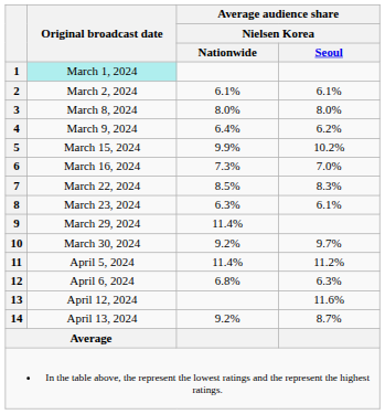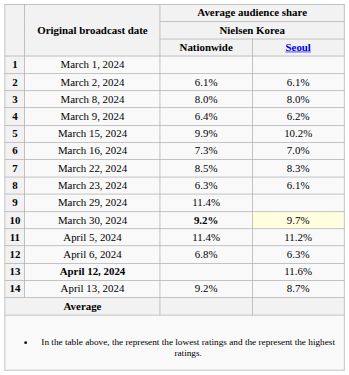 <table class="wikitable" style="margin-left:auto; margin-right:auto; width:500px; text-align:center">
 <tr>
 <th scope="col" rowspan="3"></th>
 <th scope="col" rowspan="3">Original broadcast date</th>
 <th scope="col" colspan="2">Average audience share</th>
 </tr>
 <tr>
 <th scope="col" colspan="2">Nielsen Korea</th>
 </tr>
 <tr>
 <th scope="col" style="width:8em">Nationwide</th>
 <th scope="col" style="width:8em"><a href='#'>Seoul</a></th>
 </tr>
 <tr>
 <th scope="col">1</th>
-<td style="background: paleturquoise;">March 1, 2024</td>
+<td>March 1, 2024</td>
 <td><strong></strong> </td>
 <td><strong></strong> </td>
 </tr>
 <tr>
 <th scope="col">2</th>
 <td>March 2, 2024</td>
 <td>6.1% </td>
 <td>6.1% </td>
 </tr>
 <tr>
 <th scope="col">3</th>
 <td>March 8, 2024</td>
 <td>8.0% </td>
 <td>8.0% </td>
 </tr>
 <tr>
 <th scope="col">4</th>
 <td>March 9, 2024</td>
 <td>6.4% </td>
 <td>6.2% </td>
 </tr>
 <tr>
 <th scope="col">5</th>
 <td>March 15, 2024</td>
 <td>9.9% </td>
 <td>10.2% </td>
 </tr>
 <tr>
 <th scope="col">6</th>
 <td>March 16, 2024</td>
 <td>7.3% </td>
 <td>7.0% </td>
 </tr>
 <tr>
 <th scope="col">7</th>
 <td>March 22, 2024</td>
 <td>8.5% </td>
 <td>8.3% </td>
 </tr>
 <tr>
 <th scope="col">8</th>
 <td>March 23, 2024</td>
 <td>6.3% </td>
 <td>6.1% </td>
 </tr>
 <tr>
 <th scope="col">9</th>
 <td>March 29, 2024</td>
 <td>11.4% </td>
 <td><strong></strong> </td>
 </tr>
 <tr>
 <th scope="col">10</th>
 <td>March 30, 2024</td>
-<td>9.2% </td>
-<td>9.7% </td>
+<td><strong>9.2% </strong></td>
+<td style="background: lightyellow;">9.7% </td>
 </tr>
 <tr>
 <th scope="col">11</th>
 <td>April 5, 2024</td>
 <td>11.4% </td>
 <td>11.2% </td>
 </tr>
 <tr>
 <th scope="col">12</th>
 <td>April 6, 2024</td>
 <td>6.8% </td>
 <td>6.3% </td>
 </tr>
 <tr>
 <th scope="col">13</th>
-<td>April 12, 2024</td>
+<td><strong>April 12, 2024</strong></td>
 <td><strong></strong> </td>
 <td>11.6% </td>
 </tr>
 <tr>
 <th scope="col">14</th>
 <td>April 13, 2024</td>
 <td>9.2% </td>
 <td>8.7% </td>
 </tr>
 <tr>
 <th scope="col" colspan="2">Average</th>
 <th scope="col"></th>
 <th scope="col"></th>
 </tr>
 <tr>
 <td colspan="4" style="font-size:85%"><br><ul><li>In the table above, the <strong></strong> represent the lowest ratings and the <strong></strong> represent the highest ratings.</li></ul></td>
 </tr>
 </table>
